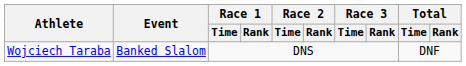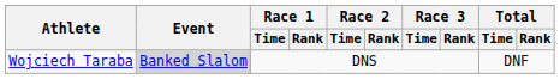 <table class="wikitable" style="font-size:90%">
 <tr>
 <th rowspan="2">Athlete</th>
 <th rowspan="2">Event</th>
 <th colspan=2>Race 1</th>
 <th colspan=2>Race 2</th>
 <th colspan=2>Race 3</th>
 <th colspan=2>Total</th>
 </tr>
 <tr style="font-size:95%">
 <th>Time</th>
 <th>Rank</th>
 <th>Time</th>
 <th>Rank</th>
 <th>Time</th>
 <th>Rank</th>
 <th>Time</th>
 <th>Rank</th>
 </tr>
 <tr align=center>
 <td align=left><a href='#'>Wojciech Taraba</a></td>
-<td align=left><a href='#'>Banked Slalom</a></td>
+<td align=left style="background: lightgrey;"><a href='#'>Banked Slalom</a></td>
 <td align="center" colspan=6>DNS</td>
 <td align="center" colspan=2>DNF</td>
 </tr>
 </table>
